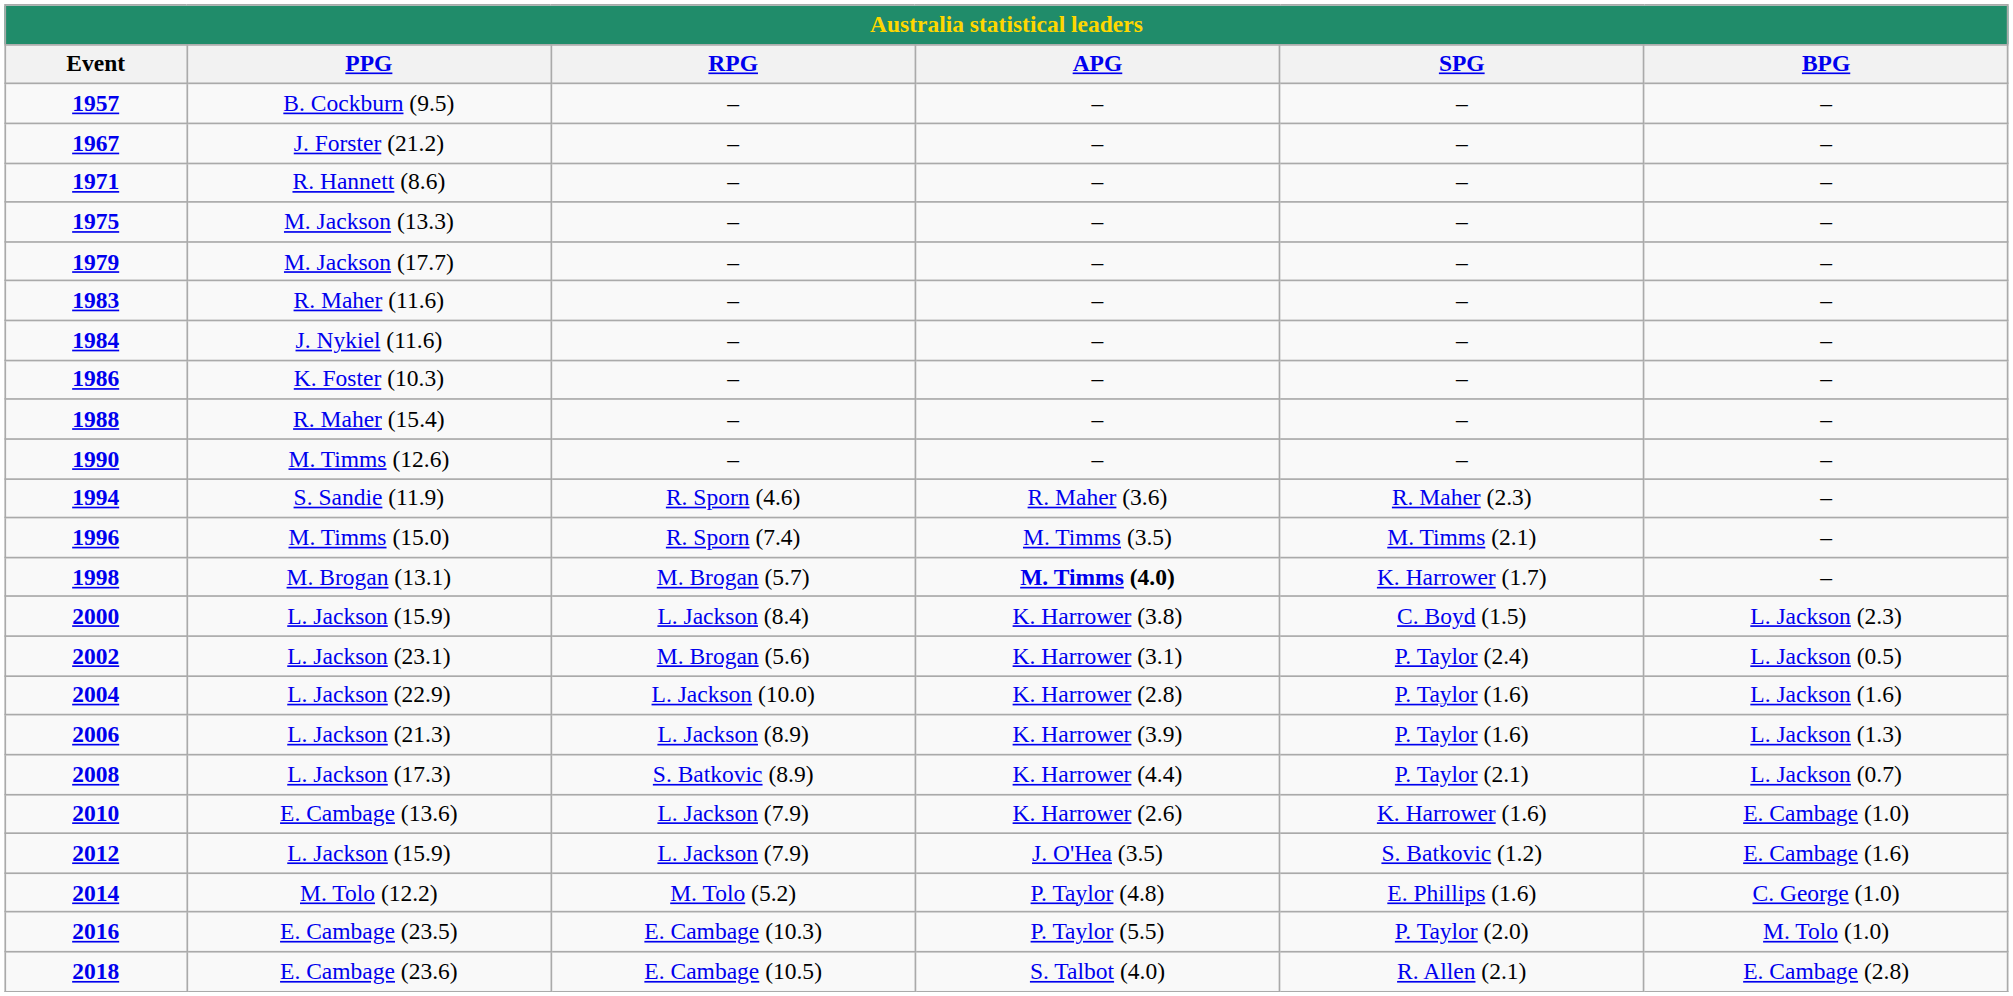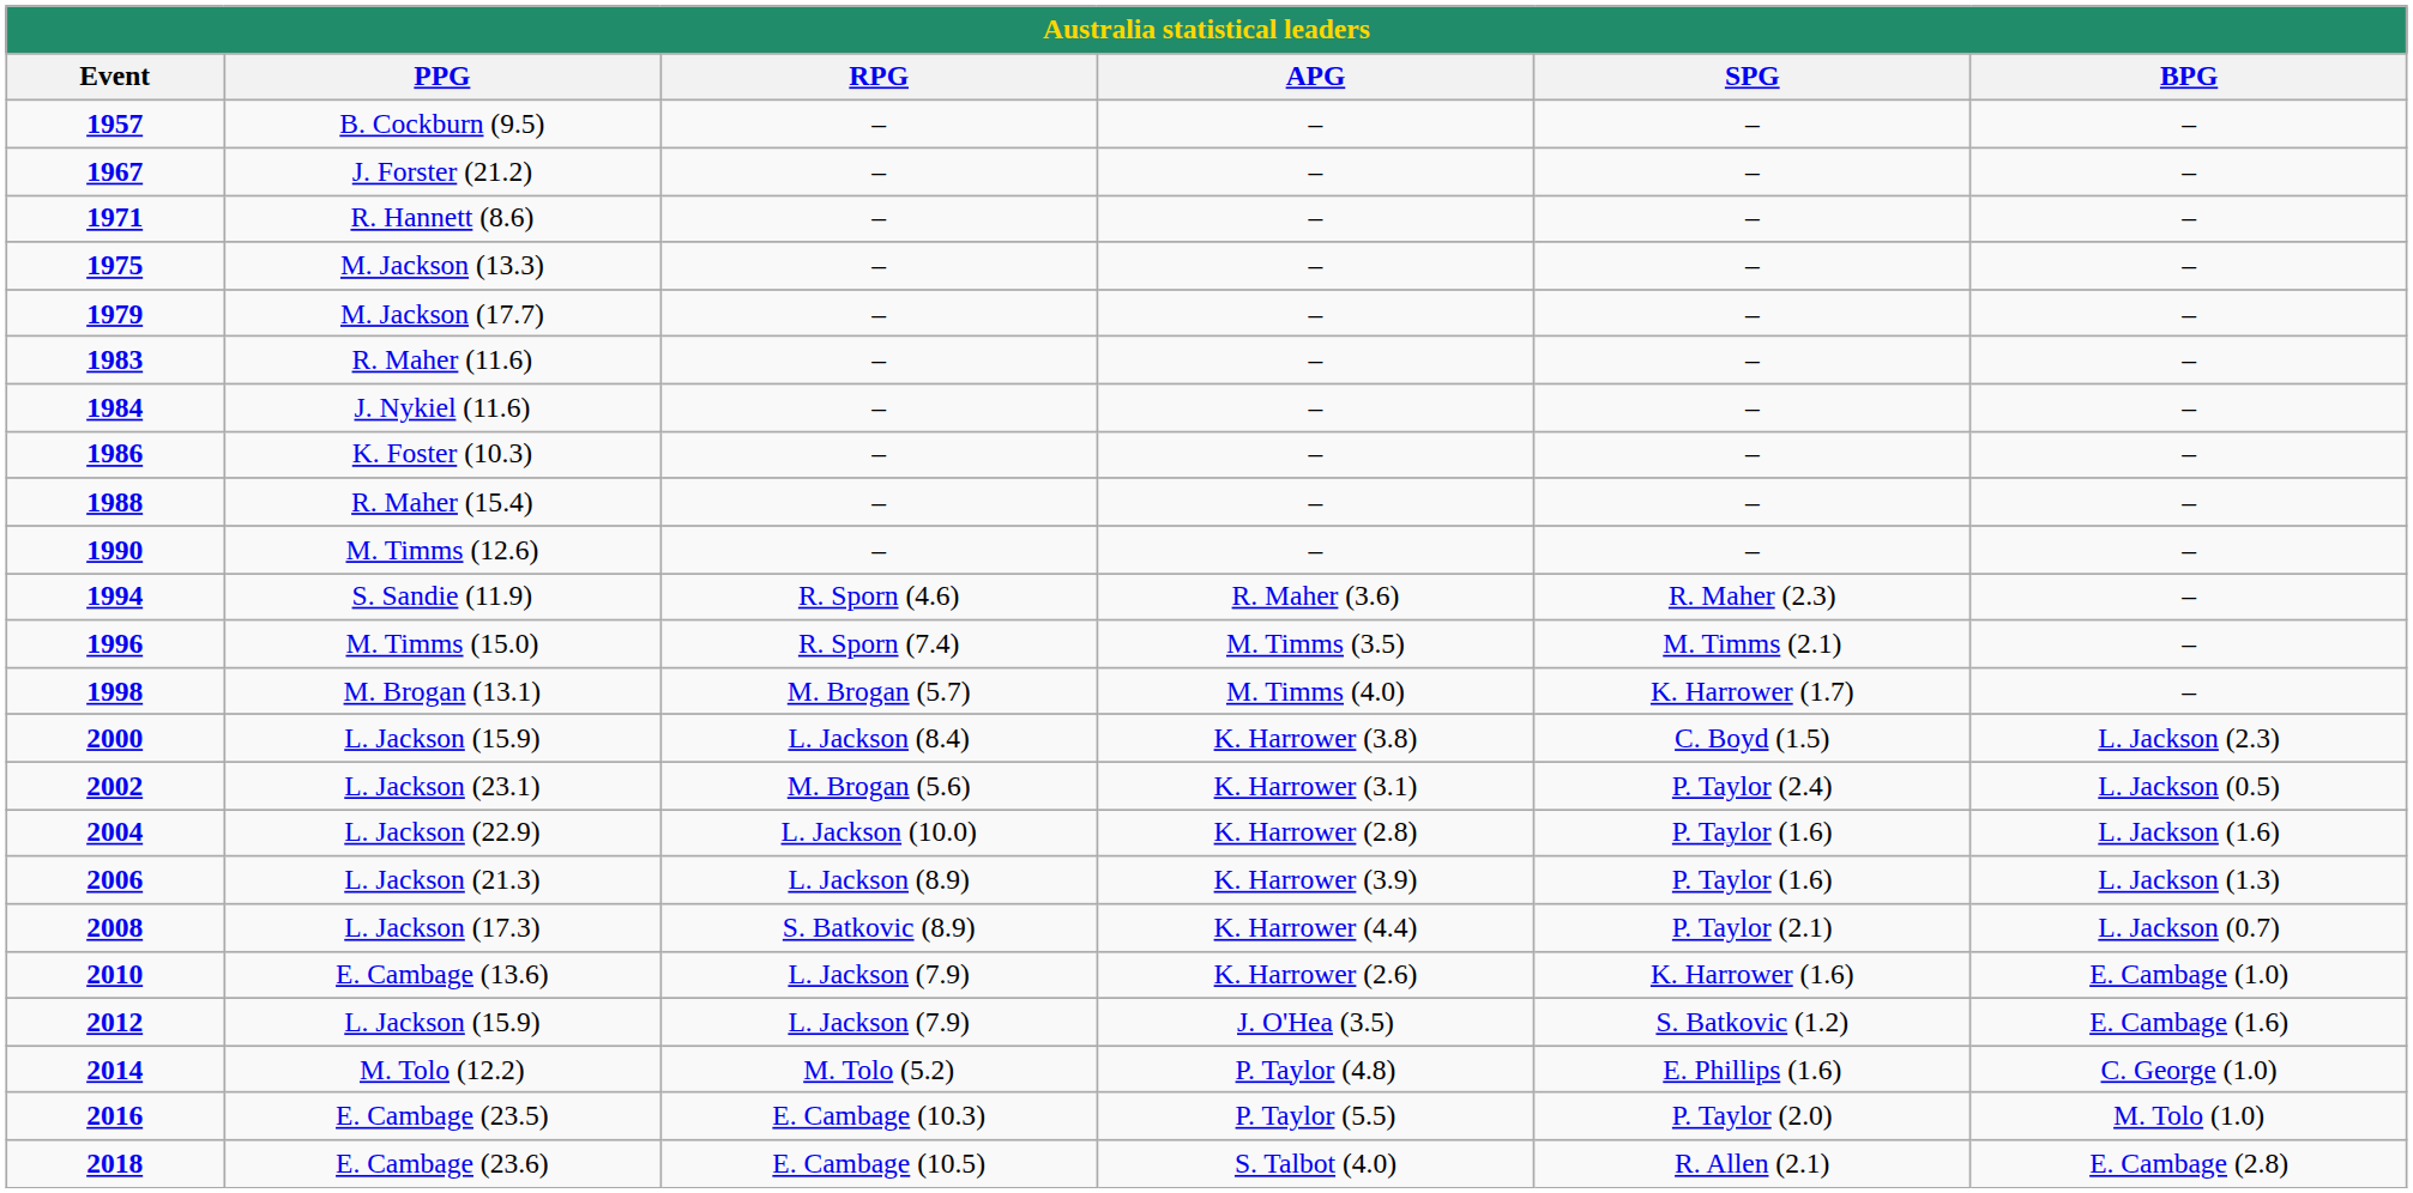 <table class="wikitable" style="clear:both; font-size:88%; text-align: center; width: 95%; margin:1.5em auto;">
 <tr>
 <th colspan=8 style="background:#208c6a; color:#ffd700;">Australia statistical leaders</th>
 </tr>
 <tr>
 <th width="4%">Event</th>
 <th width="8%"><a href='#'>PPG</a></th>
 <th width="8%"><a href='#'>RPG</a></th>
 <th width="8%"><a href='#'>APG</a></th>
 <th width="8%"><a href='#'>SPG</a></th>
 <th width="8%"><a href='#'>BPG</a></th>
 </tr>
 <tr>
 <td><strong> <a href='#'>1957</a></strong></td>
 <td><a href='#'>B. Cockburn</a> (9.5)</td>
 <td>–</td>
 <td>–</td>
 <td>–</td>
 <td>–</td>
 </tr>
 <tr>
 <td><strong> <a href='#'>1967</a></strong></td>
 <td><a href='#'>J. Forster</a> (21.2)</td>
 <td>–</td>
 <td>–</td>
 <td>–</td>
 <td>–</td>
 </tr>
 <tr>
 <td><strong> <a href='#'>1971</a></strong></td>
 <td><a href='#'>R. Hannett</a> (8.6)</td>
 <td>–</td>
 <td>–</td>
 <td>–</td>
 <td>–</td>
 </tr>
 <tr>
 <td><strong> <a href='#'>1975</a></strong></td>
 <td><a href='#'>M. Jackson</a> (13.3)</td>
 <td>–</td>
 <td>–</td>
 <td>–</td>
 <td>–</td>
 </tr>
 <tr>
 <td><strong> <a href='#'>1979</a></strong></td>
 <td><a href='#'>M. Jackson</a> (17.7)</td>
 <td>–</td>
 <td>–</td>
 <td>–</td>
 <td>–</td>
 </tr>
 <tr>
 <td><strong> <a href='#'>1983</a></strong></td>
 <td><a href='#'>R. Maher</a> (11.6)</td>
 <td>–</td>
 <td>–</td>
 <td>–</td>
 <td>–</td>
 </tr>
 <tr>
 <td><strong> <a href='#'>1984</a></strong></td>
 <td><a href='#'>J. Nykiel</a> (11.6)</td>
 <td>–</td>
 <td>–</td>
 <td>–</td>
 <td>–</td>
 </tr>
 <tr>
 <td><strong> <a href='#'>1986</a></strong></td>
 <td><a href='#'>K. Foster</a> (10.3)</td>
 <td>–</td>
 <td>–</td>
 <td>–</td>
 <td>–</td>
 </tr>
 <tr>
 <td><strong> <a href='#'>1988</a></strong></td>
 <td><a href='#'>R. Maher</a> (15.4)</td>
 <td>–</td>
 <td>–</td>
 <td>–</td>
 <td>–</td>
 </tr>
 <tr>
 <td><strong> <a href='#'>1990</a></strong></td>
 <td><a href='#'>M. Timms</a> (12.6)</td>
 <td>–</td>
 <td>–</td>
 <td>–</td>
 <td>–</td>
 </tr>
 <tr>
 <td><strong> <a href='#'>1994</a></strong></td>
 <td><a href='#'>S. Sandie</a> (11.9)</td>
 <td><a href='#'>R. Sporn</a> (4.6)</td>
 <td><a href='#'>R. Maher</a> (3.6)</td>
 <td><a href='#'>R. Maher</a> (2.3)</td>
 <td>–</td>
 </tr>
 <tr>
 <td><strong> <a href='#'>1996</a></strong></td>
 <td><a href='#'>M. Timms</a> (15.0)</td>
 <td><a href='#'>R. Sporn</a> (7.4)</td>
 <td><a href='#'>M. Timms</a> (3.5)</td>
 <td><a href='#'>M. Timms</a> (2.1)</td>
 <td>–</td>
 </tr>
 <tr>
 <td><strong> <a href='#'>1998</a></strong></td>
 <td><a href='#'>M. Brogan</a> (13.1)</td>
 <td><a href='#'>M. Brogan</a> (5.7)</td>
-<td><strong><a href='#'>M. Timms</a> (4.0)</strong></td>
+<td><a href='#'>M. Timms</a> (4.0)</td>
 <td><a href='#'>K. Harrower</a> (1.7)</td>
 <td>–</td>
 </tr>
 <tr>
 <td><strong> <a href='#'>2000</a></strong></td>
 <td><a href='#'>L. Jackson</a> (15.9)</td>
 <td><a href='#'>L. Jackson</a> (8.4)</td>
 <td><a href='#'>K. Harrower</a> (3.8)</td>
 <td><a href='#'>C. Boyd</a> (1.5)</td>
 <td><a href='#'>L. Jackson</a> (2.3)</td>
 </tr>
 <tr>
 <td><strong> <a href='#'>2002</a></strong></td>
 <td><a href='#'>L. Jackson</a> (23.1)</td>
 <td><a href='#'>M. Brogan</a> (5.6)</td>
 <td><a href='#'>K. Harrower</a> (3.1)</td>
 <td><a href='#'>P. Taylor</a> (2.4)</td>
 <td><a href='#'>L. Jackson</a> (0.5)</td>
 </tr>
 <tr>
 <td><strong> <a href='#'>2004</a></strong></td>
 <td><a href='#'>L. Jackson</a> (22.9)</td>
 <td><a href='#'>L. Jackson</a> (10.0)</td>
 <td><a href='#'>K. Harrower</a> (2.8)</td>
 <td><a href='#'>P. Taylor</a> (1.6)</td>
 <td><a href='#'>L. Jackson</a> (1.6)</td>
 </tr>
 <tr>
 <td><strong> <a href='#'>2006</a></strong></td>
 <td><a href='#'>L. Jackson</a> (21.3)</td>
 <td><a href='#'>L. Jackson</a> (8.9)</td>
 <td><a href='#'>K. Harrower</a> (3.9)</td>
 <td><a href='#'>P. Taylor</a> (1.6)</td>
 <td><a href='#'>L. Jackson</a> (1.3)</td>
 </tr>
 <tr>
 <td><strong> <a href='#'>2008</a></strong></td>
 <td><a href='#'>L. Jackson</a> (17.3)</td>
 <td><a href='#'>S. Batkovic</a> (8.9)</td>
 <td><a href='#'>K. Harrower</a> (4.4)</td>
 <td><a href='#'>P. Taylor</a> (2.1)</td>
 <td><a href='#'>L. Jackson</a> (0.7)</td>
 </tr>
 <tr>
 <td><strong> <a href='#'>2010</a></strong></td>
 <td><a href='#'>E. Cambage</a> (13.6)</td>
 <td><a href='#'>L. Jackson</a> (7.9)</td>
 <td><a href='#'>K. Harrower</a> (2.6)</td>
 <td><a href='#'>K. Harrower</a> (1.6)</td>
 <td><a href='#'>E. Cambage</a> (1.0)</td>
 </tr>
 <tr>
 <td><strong> <a href='#'>2012</a></strong></td>
 <td><a href='#'>L. Jackson</a> (15.9)</td>
 <td><a href='#'>L. Jackson</a> (7.9)</td>
 <td><a href='#'>J. O'Hea</a> (3.5)</td>
 <td><a href='#'>S. Batkovic</a> (1.2)</td>
 <td><a href='#'>E. Cambage</a> (1.6)</td>
 </tr>
 <tr>
 <td><strong> <a href='#'>2014</a></strong></td>
 <td><a href='#'>M. Tolo</a> (12.2)</td>
 <td><a href='#'>M. Tolo</a> (5.2)</td>
 <td><a href='#'>P. Taylor</a> (4.8)</td>
 <td><a href='#'>E. Phillips</a> (1.6)</td>
 <td><a href='#'>C. George</a> (1.0)</td>
 </tr>
 <tr>
 <td><strong> <a href='#'>2016</a></strong></td>
 <td><a href='#'>E. Cambage</a> (23.5)</td>
 <td><a href='#'>E. Cambage</a> (10.3)</td>
 <td><a href='#'>P. Taylor</a> (5.5)</td>
 <td><a href='#'>P. Taylor</a> (2.0)</td>
 <td><a href='#'>M. Tolo</a> (1.0)</td>
 </tr>
 <tr>
 <td><strong> <a href='#'>2018</a></strong></td>
 <td><a href='#'>E. Cambage</a> (23.6)</td>
 <td><a href='#'>E. Cambage</a> (10.5)</td>
 <td><a href='#'>S. Talbot</a> (4.0)</td>
 <td><a href='#'>R. Allen</a> (2.1)</td>
 <td><a href='#'>E. Cambage</a> (2.8)</td>
 </tr>
 </table>
